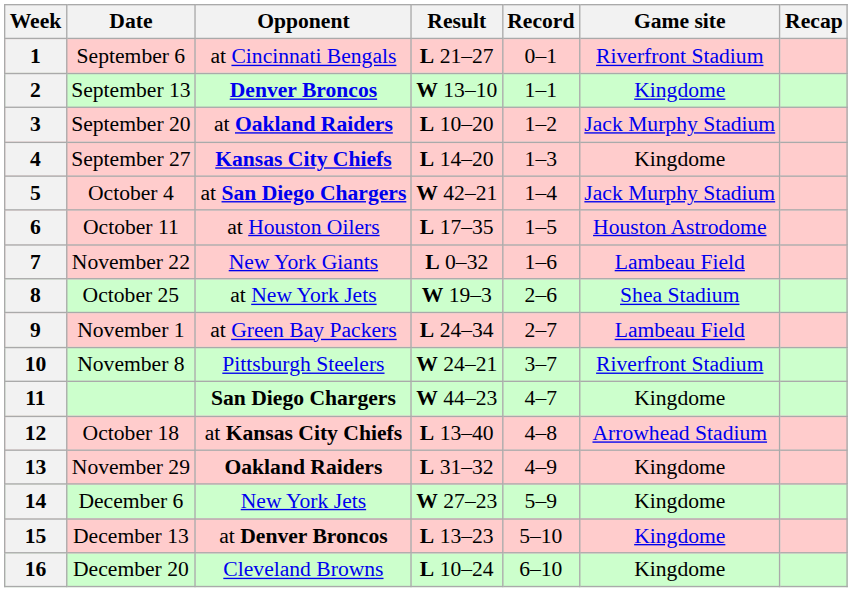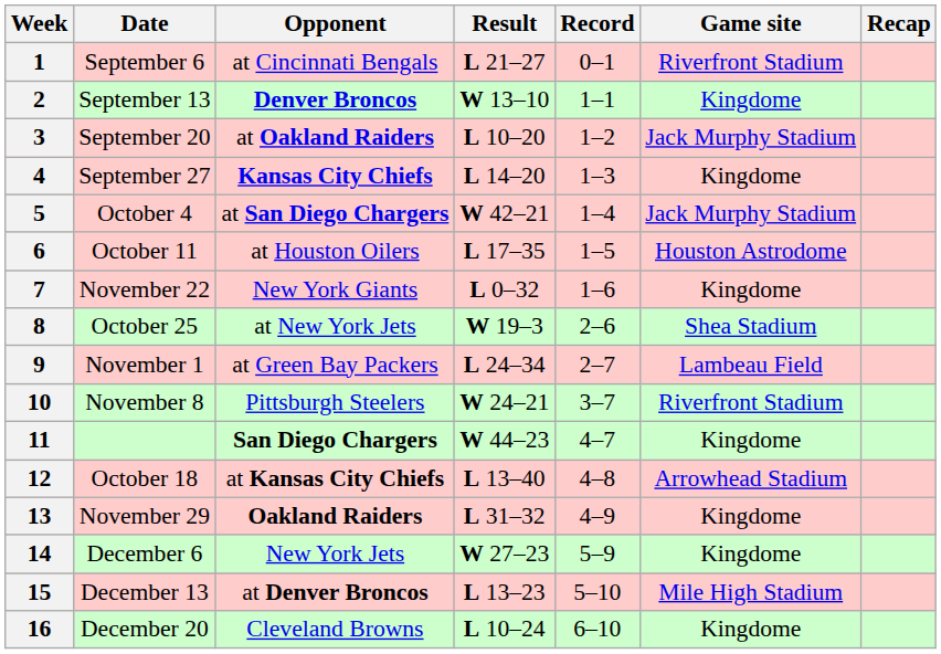 <table class="wikitable" style="text-align:center">
 <tr>
 <th>Week</th>
 <th>Date</th>
 <th>Opponent</th>
 <th>Result</th>
 <th>Record</th>
 <th>Game site</th>
 <th>Recap</th>
 </tr>
 <tr style="background:#fcc">
 <th>1</th>
 <td>September 6</td>
 <td>at <a href='#'>Cincinnati Bengals</a></td>
 <td><strong>L</strong> 21–27</td>
 <td>0–1</td>
 <td><a href='#'>Riverfront Stadium</a></td>
 <td></td>
 </tr>
 <tr style="background:#cfc">
 <th>2</th>
 <td>September 13</td>
 <td><strong><a href='#'>Denver Broncos</a></strong></td>
 <td><strong>W</strong> 13–10</td>
 <td>1–1</td>
 <td><a href='#'>Kingdome</a></td>
 <td></td>
 </tr>
 <tr style="background:#fcc">
 <th>3</th>
 <td>September 20</td>
 <td>at <strong><a href='#'>Oakland Raiders</a></strong></td>
 <td><strong>L</strong> 10–20</td>
 <td>1–2</td>
 <td><a href='#'>Jack Murphy Stadium</a></td>
 <td></td>
 </tr>
 <tr style="background:#fcc">
 <th>4</th>
 <td>September 27</td>
 <td><strong><a href='#'>Kansas City Chiefs</a></strong></td>
 <td><strong>L</strong> 14–20</td>
 <td>1–3</td>
 <td>Kingdome</td>
 <td></td>
 </tr>
 <tr style="background:#fcc">
 <th>5</th>
 <td>October 4</td>
 <td>at <strong><a href='#'>San Diego Chargers</a></strong></td>
 <td><strong>W</strong> 42–21</td>
 <td>1–4</td>
 <td><a href='#'>Jack Murphy Stadium</a></td>
 <td></td>
 </tr>
 <tr style="background:#fcc">
 <th>6</th>
 <td>October 11</td>
 <td>at <a href='#'>Houston Oilers</a></td>
 <td><strong>L</strong> 17–35</td>
 <td>1–5</td>
 <td><a href='#'>Houston Astrodome</a></td>
 <td></td>
 </tr>
 <tr style="background:#fcc">
 <th>7</th>
 <td>November 22</td>
 <td><a href='#'>New York Giants</a></td>
 <td><strong>L</strong> 0–32</td>
 <td>1–6</td>
-<td><a href='#'>Lambeau Field</a></td>
+<td>Kingdome</td>
 <td></td>
 </tr>
 <tr style="background:#cfc">
 <th>8</th>
 <td>October 25</td>
 <td>at <a href='#'>New York Jets</a></td>
 <td><strong>W</strong> 19–3</td>
 <td>2–6</td>
 <td><a href='#'>Shea Stadium</a></td>
 <td></td>
 </tr>
 <tr style="background:#fcc">
 <th>9</th>
 <td>November 1</td>
 <td>at <a href='#'>Green Bay Packers</a></td>
 <td><strong>L</strong> 24–34</td>
 <td>2–7</td>
 <td><a href='#'>Lambeau Field</a></td>
 <td></td>
 </tr>
 <tr style="background:#cfc">
 <th>10</th>
 <td>November 8</td>
 <td><a href='#'>Pittsburgh Steelers</a></td>
 <td><strong>W</strong> 24–21</td>
 <td>3–7</td>
 <td><a href='#'>Riverfront Stadium</a></td>
 <td></td>
 </tr>
 <tr style="background:#cfc">
 <th>11</th>
 <td></td>
 <td><strong>San Diego Chargers</strong></td>
 <td><strong>W</strong> 44–23</td>
 <td>4–7</td>
 <td>Kingdome</td>
 <td></td>
 </tr>
 <tr style="background:#fcc">
 <th>12</th>
 <td>October 18</td>
 <td>at <strong>Kansas City Chiefs</strong></td>
 <td><strong>L</strong> 13–40</td>
 <td>4–8</td>
 <td><a href='#'>Arrowhead Stadium</a></td>
 <td></td>
 </tr>
 <tr style="background:#fcc">
 <th>13</th>
 <td>November 29</td>
 <td><strong>Oakland Raiders</strong></td>
 <td><strong>L</strong> 31–32</td>
 <td>4–9</td>
 <td>Kingdome</td>
 <td></td>
 </tr>
 <tr style="background:#cfc">
 <th>14</th>
 <td>December 6</td>
 <td><a href='#'>New York Jets</a></td>
 <td><strong>W</strong> 27–23</td>
 <td>5–9</td>
 <td>Kingdome</td>
 <td></td>
 </tr>
 <tr style="background:#fcc">
 <th>15</th>
 <td>December 13</td>
 <td>at <strong>Denver Broncos</strong></td>
 <td><strong>L</strong> 13–23</td>
 <td>5–10</td>
-<td><a href='#'>Kingdome</a></td>
+<td><a href='#'>Mile High Stadium</a></td>
 <td></td>
 </tr>
 <tr style="background:#cfc">
 <th>16</th>
 <td>December 20</td>
 <td><a href='#'>Cleveland Browns</a></td>
 <td><strong>L</strong> 10–24</td>
 <td>6–10</td>
 <td>Kingdome</td>
 <td></td>
 </tr>
 </table>
